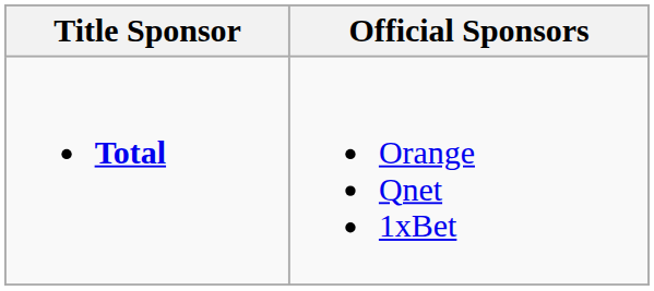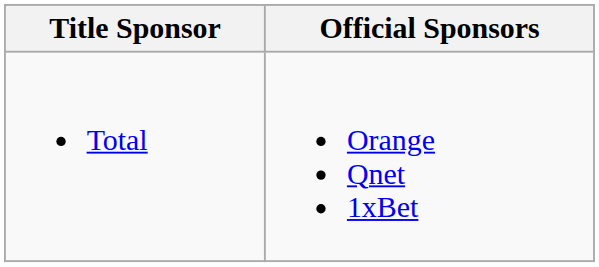 <table class="wikitable" style="width:25%;">
 <tr>
 <th>Title Sponsor</th>
 <th>Official Sponsors</th>
 </tr>
 <tr>
-<td style="vertical-align:top;"><strong><br><ul><li><a href='#'>Total</a></li></ul></strong></td>
+<td style="vertical-align:top;"><br><ul><li><a href='#'>Total</a></li></ul></td>
 <td style="vertical-align:top;"><br><ul><li><a href='#'>Orange</a></li><li><a href='#'>Qnet</a></li><li><a href='#'>1xBet</a></li></ul></td>
 </tr>
 </table>
